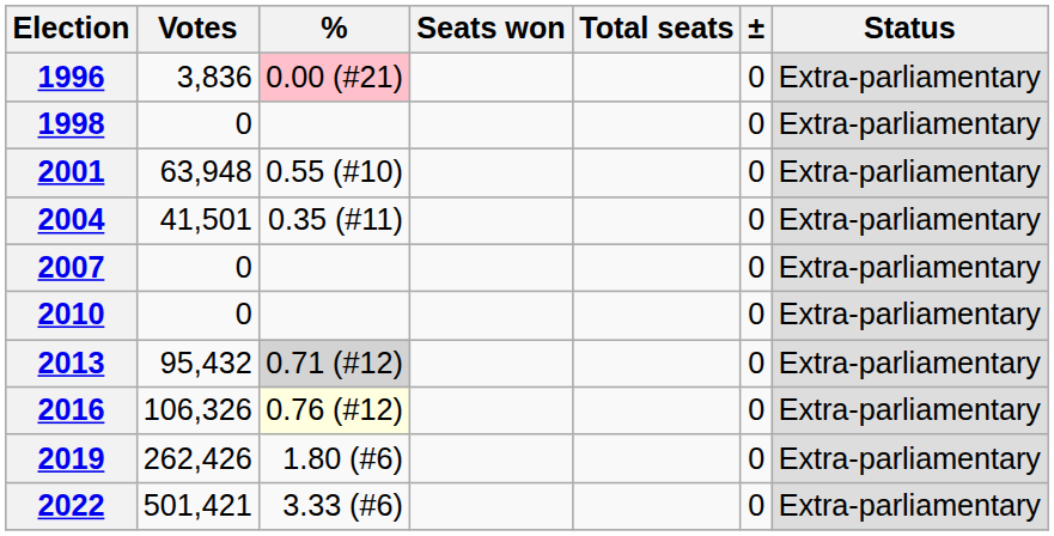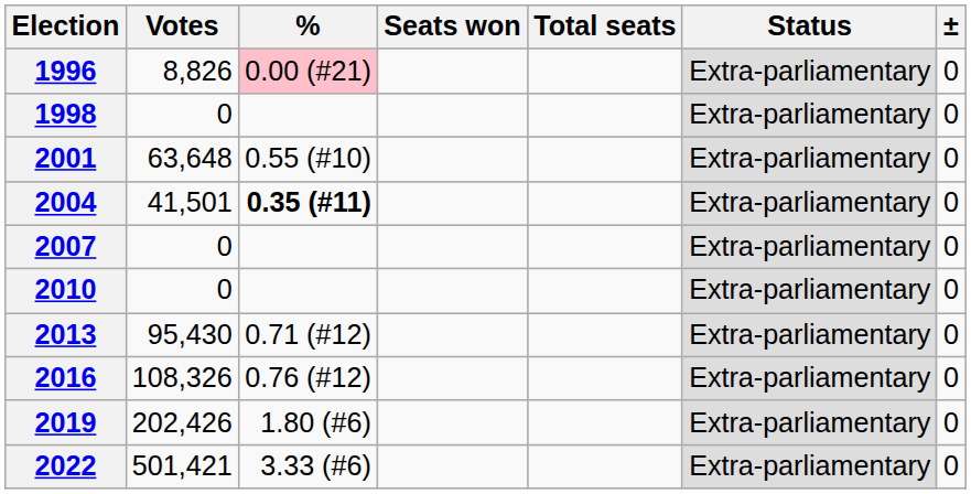 <table class="wikitable" style="text-align:right;">
 <tr>
 <th>Election</th>
 <th>Votes</th>
 <th>%</th>
 <th>Seats won</th>
 <th>Total seats</th>
+<th>Status</th>
 <th>±</th>
-<th>Status</th>
 </tr>
 <tr>
 <th><a href='#'>1996</a></th>
-<td>3,836</td>
+<td>8,826</td>
 <td style="background: pink;">0.00 (#21)</td>
 <td></td>
 <td></td>
+<td align=center style="background:#ddd;">Extra-parliamentary</td>
 <td> 0</td>
-<td align=center style="background:#ddd;">Extra-parliamentary</td>
 </tr>
 <tr>
 <th><a href='#'>1998</a></th>
 <td>0</td>
 <td></td>
 <td></td>
 <td></td>
+<td align=center style="background:#ddd;">Extra-parliamentary</td>
 <td> 0</td>
-<td align=center style="background:#ddd;">Extra-parliamentary</td>
 </tr>
 <tr>
 <th><a href='#'>2001</a></th>
-<td>63,948</td>
+<td>63,648</td>
 <td>0.55 (#10)</td>
 <td></td>
 <td></td>
+<td align=center style="background:#ddd;">Extra-parliamentary</td>
 <td> 0</td>
-<td align=center style="background:#ddd;">Extra-parliamentary</td>
 </tr>
 <tr>
 <th><a href='#'>2004</a></th>
 <td>41,501</td>
-<td>0.35 (#11)</td>
+<td><strong>0.35 (#11)</strong></td>
 <td></td>
 <td></td>
+<td align=center style="background:#ddd;">Extra-parliamentary</td>
 <td> 0</td>
-<td align=center style="background:#ddd;">Extra-parliamentary</td>
 </tr>
 <tr>
 <th><a href='#'>2007</a></th>
 <td>0</td>
 <td></td>
 <td></td>
 <td></td>
+<td align=center style="background:#ddd;">Extra-parliamentary</td>
 <td> 0</td>
-<td align=center style="background:#ddd;">Extra-parliamentary</td>
 </tr>
 <tr>
 <th><a href='#'>2010</a></th>
 <td>0</td>
 <td></td>
 <td></td>
 <td></td>
+<td align=center style="background:#ddd;">Extra-parliamentary</td>
 <td> 0</td>
-<td align=center style="background:#ddd;">Extra-parliamentary</td>
 </tr>
 <tr>
 <th><a href='#'>2013</a></th>
-<td>95,432</td>
-<td style="background: lightgrey;">0.71 (#12)</td>
+<td>95,430</td>
+<td>0.71 (#12)</td>
 <td></td>
 <td></td>
+<td align=center style="background:#ddd;">Extra-parliamentary</td>
 <td> 0</td>
-<td align=center style="background:#ddd;">Extra-parliamentary</td>
 </tr>
 <tr>
 <th><a href='#'>2016</a></th>
-<td>106,326</td>
-<td style="background: lightyellow;">0.76 (#12)</td>
+<td>108,326</td>
+<td>0.76 (#12)</td>
 <td></td>
 <td></td>
+<td align=center style="background:#ddd;">Extra-parliamentary</td>
 <td> 0</td>
-<td align=center style="background:#ddd;">Extra-parliamentary</td>
 </tr>
 <tr>
 <th><a href='#'>2019</a></th>
-<td>262,426</td>
+<td>202,426</td>
 <td>1.80 (#6)</td>
 <td></td>
 <td></td>
+<td align=center style="background:#ddd;">Extra-parliamentary</td>
 <td> 0</td>
-<td align=center style="background:#ddd;">Extra-parliamentary</td>
 </tr>
 <tr>
 <th><a href='#'>2022</a></th>
 <td>501,421</td>
 <td>3.33 (#6)</td>
 <td></td>
 <td></td>
+<td align=center style="background:#ddd;">Extra-parliamentary</td>
 <td> 0</td>
-<td align=center style="background:#ddd;">Extra-parliamentary</td>
 </tr>
 </table>
